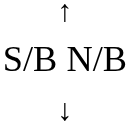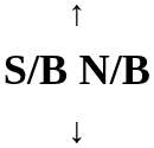 <table style="text-align:center;">
 <tr>
 <td><small>  ↑ </small></td>
 </tr>
 <tr>
-<td><span>S/B</span>   <span>N/B</span></td>
+<td><strong><span>S/B</span>   <span>N/B</span></strong></td>
 </tr>
 <tr>
 <td><small> ↓  </small></td>
 </tr>
 </table>
